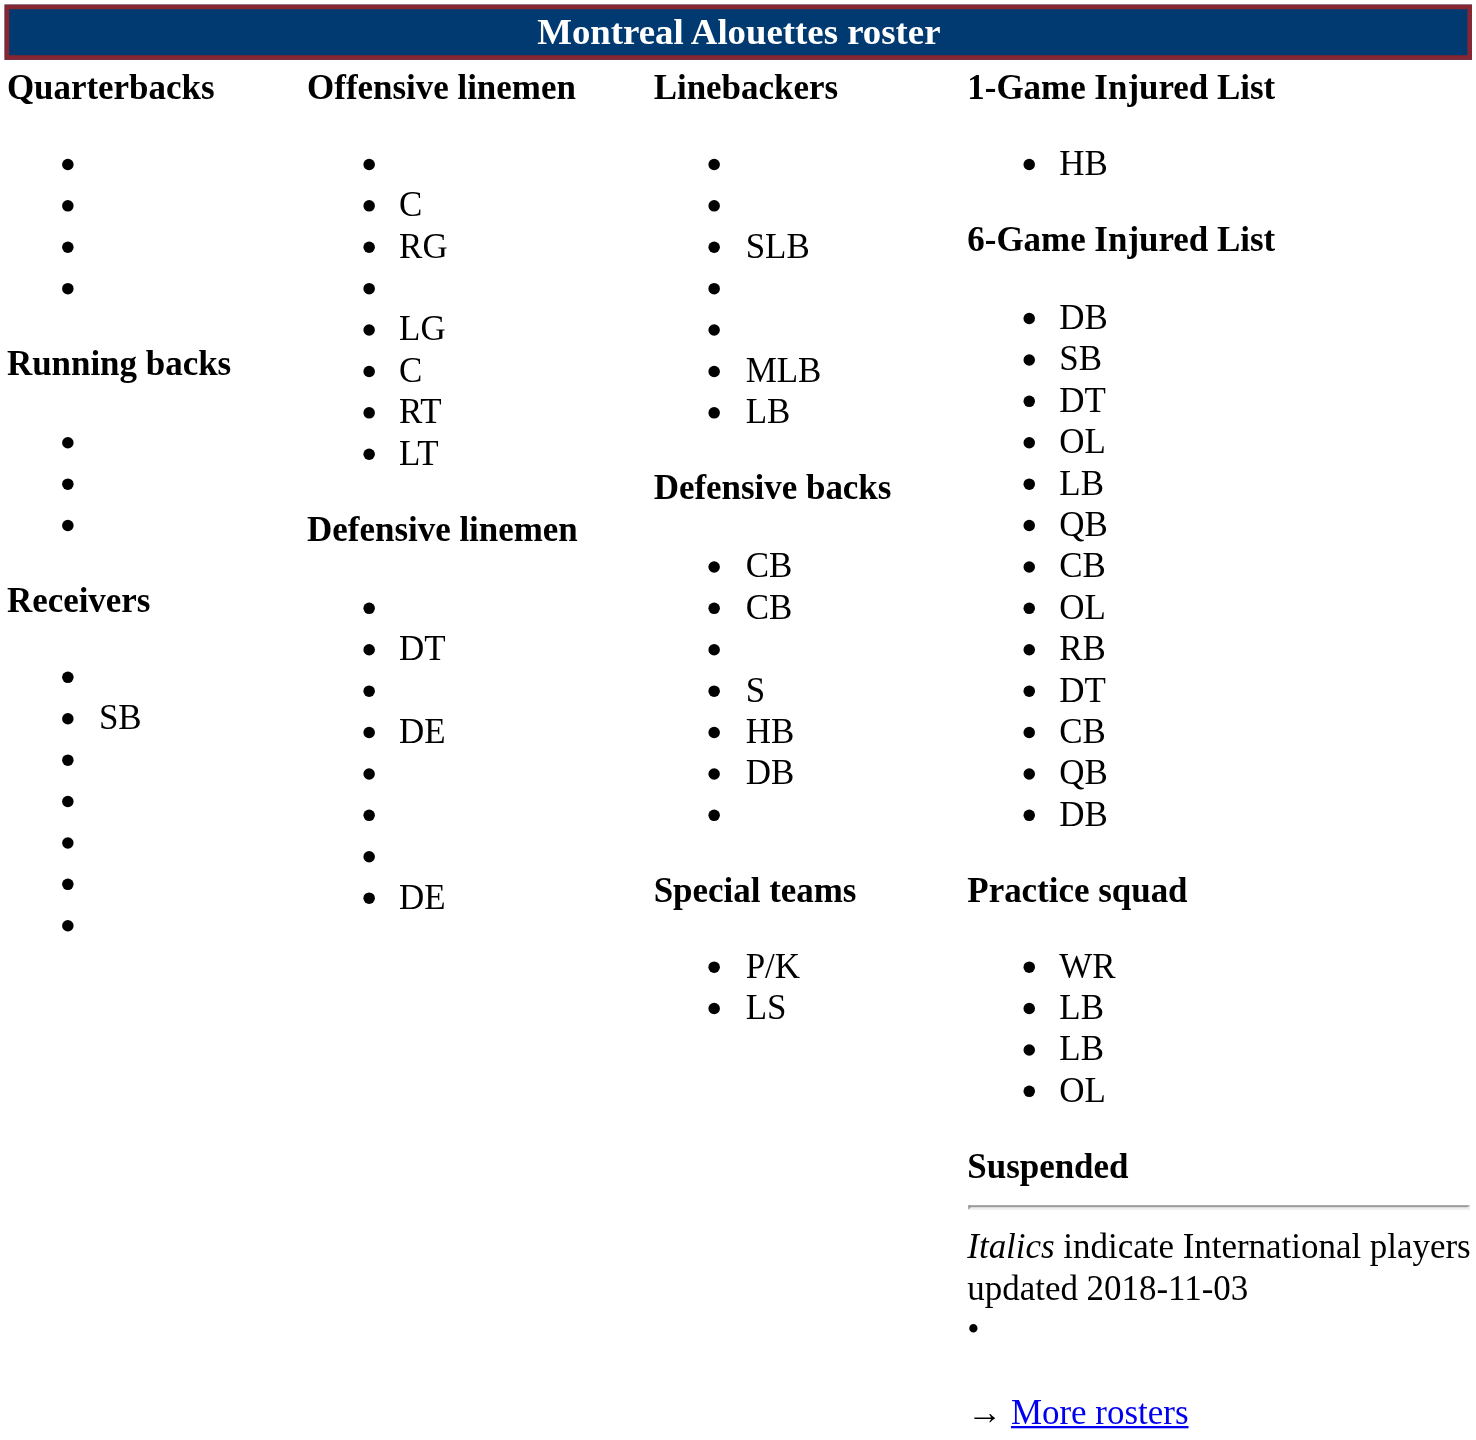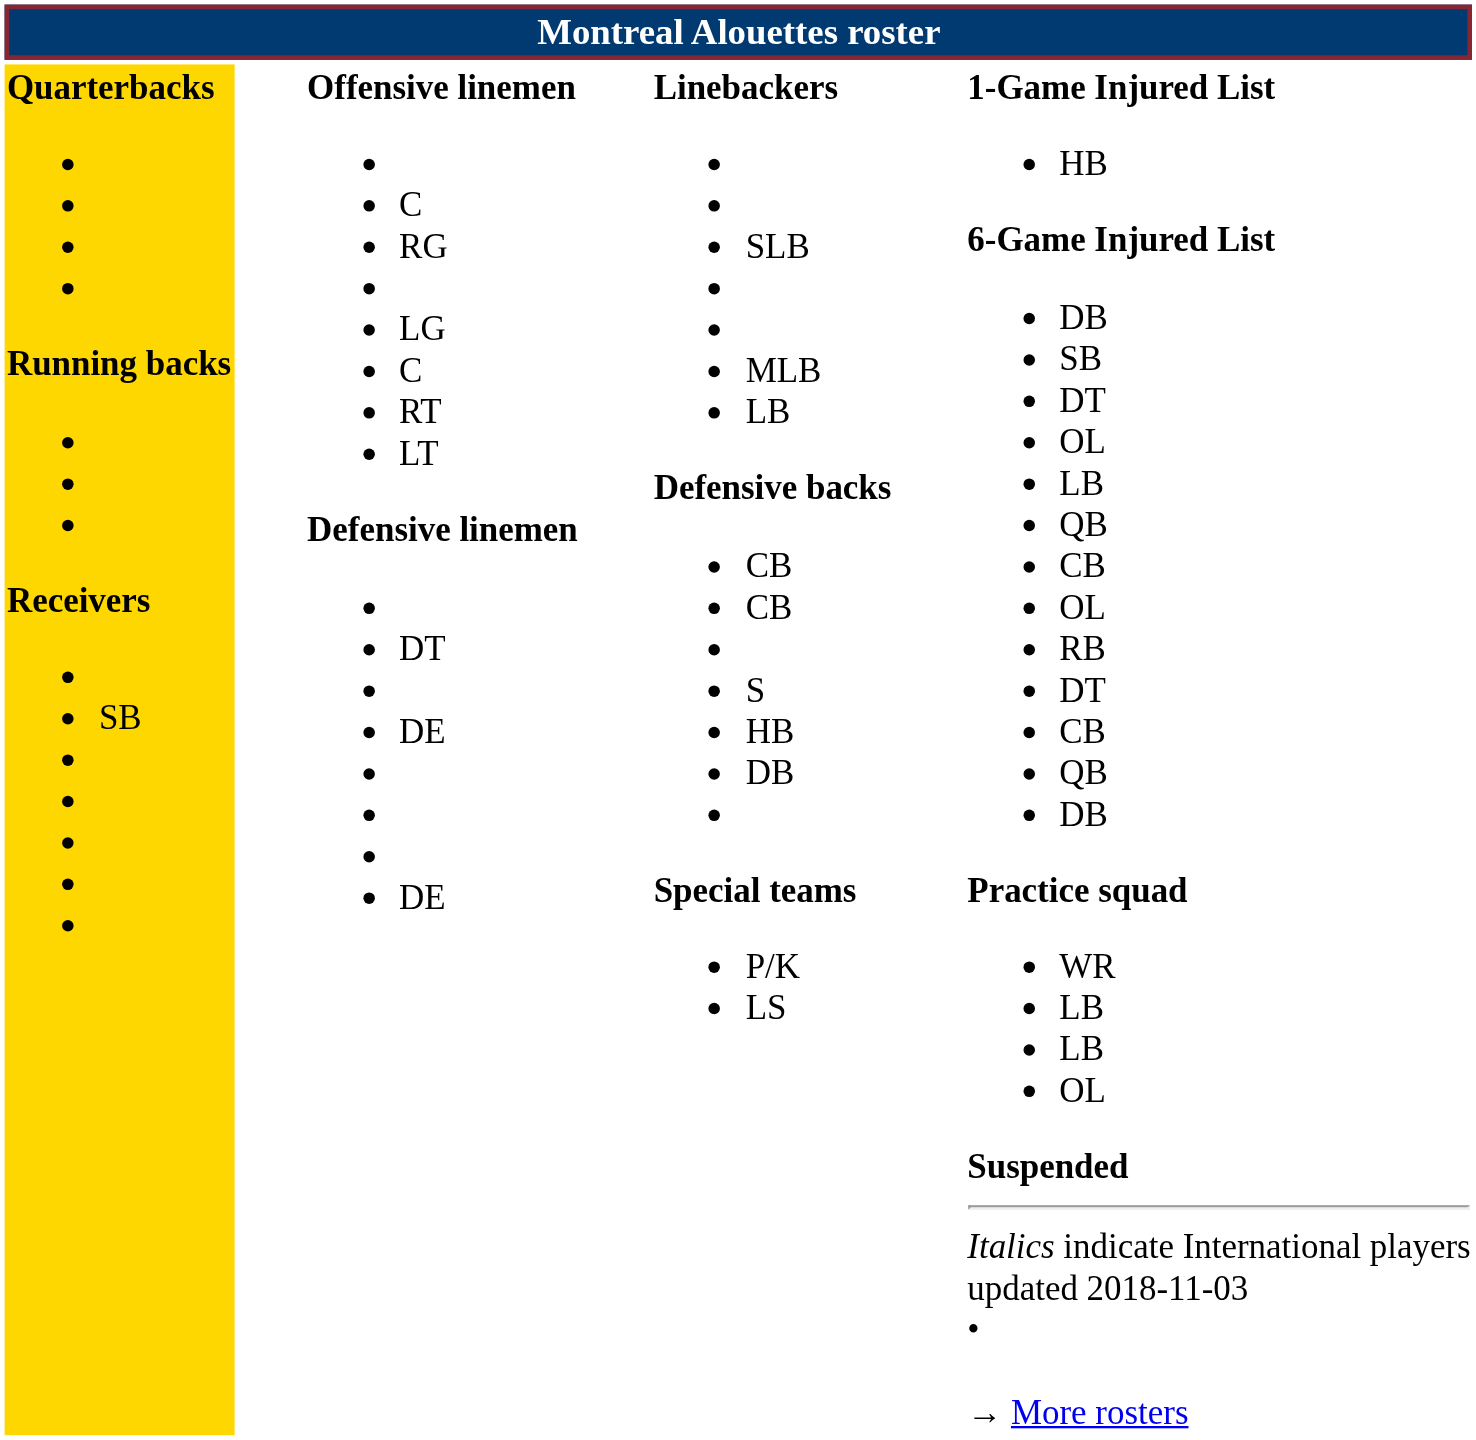 <table class="toccolours" style="text-align: left;">
 <tr>
 <th colspan="7" style="text-align:center; background:#003A70; border:2px solid #862633;color:#FFFFFF;text-align:center;">Montreal Alouettes roster</th>
 </tr>
 <tr>
-<td style="font-size: 95%;vertical-align:top;"><strong>Quarterbacks</strong><br><ul><li></li><li></li><li></li><li></li></ul><strong>Running backs</strong><ul><li></li><li></li><li></li></ul><strong>Receivers</strong><ul><li></li><li> SB</li><li></li><li></li><li></li><li></li><li></li></ul></td>
+<td style="background: gold; font-size: 95%;vertical-align:top;"><strong>Quarterbacks</strong><br><ul><li></li><li></li><li></li><li></li></ul><strong>Running backs</strong><ul><li></li><li></li><li></li></ul><strong>Receivers</strong><ul><li></li><li> SB</li><li></li><li></li><li></li><li></li><li></li></ul></td>
 <td style="width: 25px;"></td>
 <td style="font-size: 95%;vertical-align:top;"><strong>Offensive linemen</strong><br><ul><li></li><li> C</li><li> RG</li><li></li><li> LG</li><li> C</li><li> RT</li><li> LT</li></ul><strong>Defensive linemen</strong><ul><li></li><li> DT</li><li></li><li> DE</li><li></li><li></li><li></li><li> DE</li></ul></td>
 <td style="width: 25px;"></td>
 <td style="font-size: 95%;vertical-align:top;"><strong>Linebackers</strong><br><ul><li></li><li></li><li> SLB</li><li></li><li></li><li> MLB</li><li> LB</li></ul><strong>Defensive backs</strong><ul><li> CB</li><li> CB</li><li></li><li> S</li><li> HB</li><li> DB</li><li></li></ul><strong>Special teams</strong><ul><li> P/K</li><li> LS</li></ul></td>
 <td style="width: 25px;"></td>
 <td style="font-size: 95%;vertical-align:top;"><strong>1-Game Injured List</strong><br><ul><li> HB</li></ul><strong>6-Game Injured List</strong><ul><li> DB</li><li> SB</li><li> DT</li><li> OL</li><li> LB</li><li> QB</li><li> CB</li><li> OL</li><li> RB</li><li> DT</li><li> CB</li><li> QB</li><li> DB</li></ul><strong>Practice squad</strong><ul><li> WR</li><li> LB</li><li> LB</li><li> OL</li></ul><strong>Suspended</strong><br><hr> <em>Italics</em> indicate International players<br> <span></span> updated 2018-11-03<br> <span></span> • <span></span><br> <br>→ <a href='#'>More rosters</a></td>
 </tr>
 <tr>
 </tr>
 </table>
